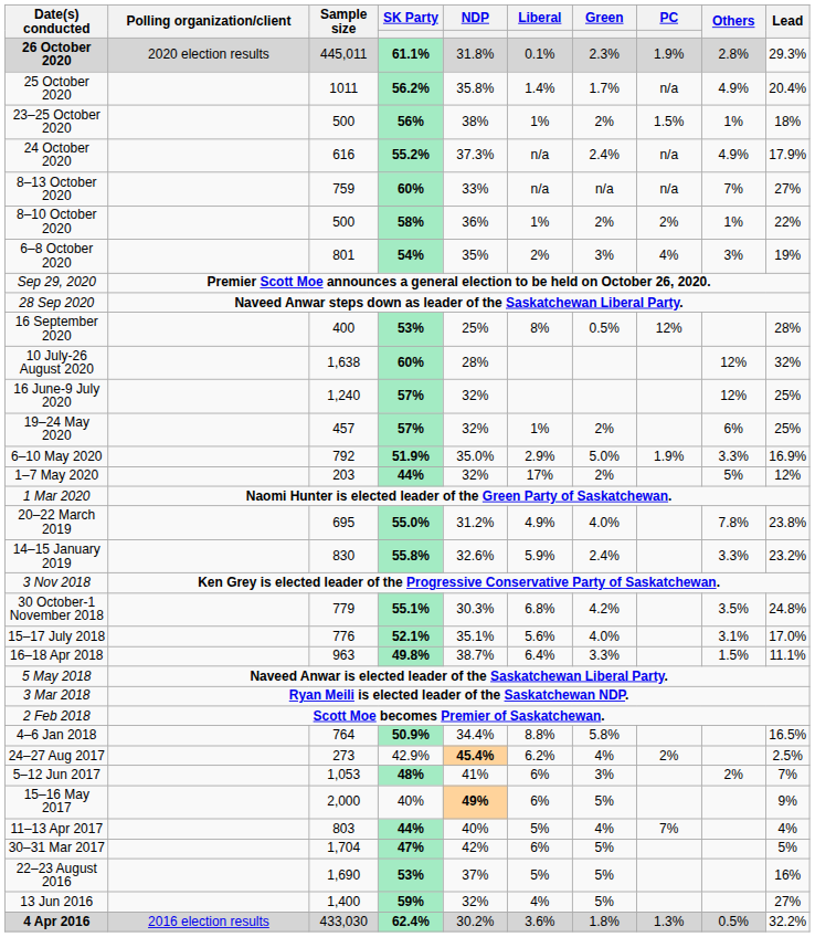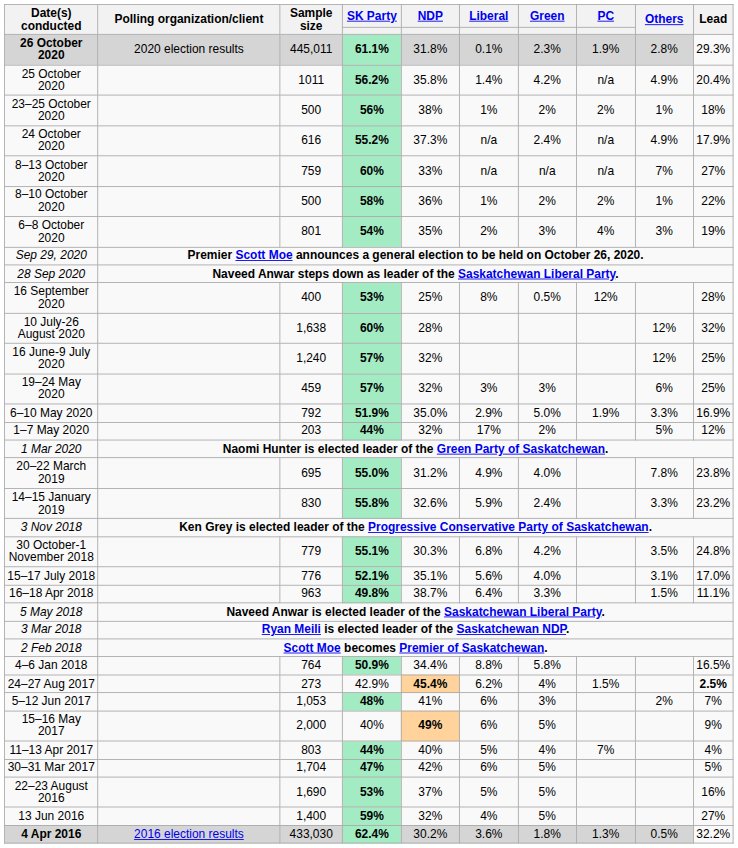 <table class="wikitable collapsible sortable mw-datatable" style="text-align:center;font-size:85%;line-height:14px">
 <tr>
 <th style="width:100px;" rowspan="2">Date(s)<br>conducted</th>
 <th style="width:200px;" rowspan="2">Polling organization/client</th>
 <th style="width:65px;" rowspan="2">Sample size</th>
 <th style="width:60px;" class="unsortable"><a href='#'>SK Party</a></th>
 <th style="width:60px;" class="unsortable"><a href='#'>NDP</a></th>
 <th style="width:60px;" class="unsortable"><a href='#'>Liberal</a></th>
 <th style="width:60px;" class="unsortable"><a href='#'>Green</a></th>
 <th style="width:60px;" class="unsortable"><a href='#'>PC</a></th>
 <th class="unsortable" style="width:60px;" rowspan="2"><a href='#'>Others</a></th>
 <th class="unsortable" style="width:30px;" rowspan="2">Lead</th>
 </tr>
 <tr>
 <th class="unsortable" style="background:"></th>
 <th class="unsortable" style="background:"></th>
 <th class="unsortable" style="background:"></th>
 <th class="unsortable" style="background:"></th>
 <th class="unsortable" style="background:"></th>
 </tr>
 <tr>
 <td style="background:#D5D5D5"><strong>26 October 2020</strong></td>
 <td style="background:#D5D5D5">2020 election results</td>
 <td style="background:#D5D5D5">445,011</td>
 <td style="background:#a3ebc3"><strong>61.1%</strong></td>
 <td style="background:#D5D5D5">31.8%</td>
 <td style="background:#D5D5D5">0.1%</td>
 <td style="background:#D5D5D5">2.3%</td>
 <td style="background:#D5D5D5">1.9%</td>
 <td style="background:#D5D5D5">2.8%</td>
 <td style="background:">29.3%</td>
 </tr>
 <tr>
 <td>25 October 2020</td>
 <td></td>
 <td>1011</td>
 <td style="background:#a3ebc3"><strong>56.2%</strong></td>
 <td>35.8%</td>
 <td>1.4%</td>
-<td>1.7%</td>
+<td>4.2%</td>
 <td>n/a</td>
 <td>4.9%</td>
 <td style="background:">20.4%</td>
 </tr>
 <tr>
 <td>23–25 October 2020</td>
 <td></td>
 <td>500</td>
 <td style="background:#a3ebc3"><strong>56%</strong></td>
 <td>38%</td>
 <td>1%</td>
 <td>2%</td>
-<td>1.5%</td>
+<td>2%</td>
 <td>1%</td>
 <td style="background:">18%</td>
 </tr>
 <tr>
 <td>24 October 2020</td>
 <td></td>
 <td>616</td>
 <td style="background:#a3ebc3"><strong>55.2%</strong></td>
 <td>37.3%</td>
 <td>n/a</td>
 <td>2.4%</td>
 <td>n/a</td>
 <td>4.9%</td>
 <td style="background:">17.9%</td>
 </tr>
 <tr>
 <td>8–13 October 2020</td>
 <td></td>
 <td>759</td>
 <td style="background:#a3ebc3"><strong>60%</strong></td>
 <td>33%</td>
 <td>n/a</td>
 <td>n/a</td>
 <td>n/a</td>
 <td>7%</td>
 <td style="background:">27%</td>
 </tr>
 <tr>
 <td>8–10 October 2020</td>
 <td></td>
 <td>500</td>
 <td style="background:#a3ebc3"><strong>58%</strong></td>
 <td>36%</td>
 <td>1%</td>
 <td>2%</td>
 <td>2%</td>
 <td>1%</td>
 <td style="background:">22%</td>
 </tr>
 <tr>
 <td>6–8 October 2020</td>
 <td></td>
 <td>801</td>
 <td style="background:#a3ebc3"><strong>54%</strong></td>
 <td>35%</td>
 <td>2%</td>
 <td>3%</td>
 <td>4%</td>
 <td>3%</td>
 <td style="background:">19%</td>
 </tr>
 <tr>
 <td><em>Sep 29, 2020</em></td>
 <td colspan="10"><strong>Premier <a href='#'>Scott Moe</a> announces a general election to be held on October 26, 2020.</strong></td>
 </tr>
 <tr>
 <td><em>28 Sep 2020</em></td>
 <td colspan="9"><strong>Naveed Anwar steps down as leader of the <a href='#'>Saskatchewan Liberal Party</a>.</strong></td>
 </tr>
 <tr>
 <td>16 September 2020</td>
 <td></td>
 <td>400</td>
 <td style="background:#a3ebc3"><strong>53%</strong></td>
 <td>25%</td>
 <td>8%</td>
 <td>0.5%</td>
 <td>12%</td>
 <td></td>
 <td style="background:">28%</td>
 </tr>
 <tr>
 <td>10 July-26 August 2020</td>
 <td></td>
 <td>1,638</td>
 <td style="background:#a3ebc3"><strong>60%</strong></td>
 <td>28%</td>
 <td></td>
 <td></td>
 <td></td>
 <td>12%</td>
 <td style="background:">32%</td>
 </tr>
 <tr>
 <td>16 June-9 July 2020</td>
 <td></td>
 <td>1,240</td>
 <td style="background:#a3ebc3"><strong>57%</strong></td>
 <td>32%</td>
 <td></td>
 <td></td>
 <td></td>
 <td>12%</td>
 <td style="background:">25%</td>
 </tr>
 <tr>
 <td>19–24 May 2020</td>
 <td></td>
-<td>457</td>
+<td>459</td>
 <td style="background:#a3ebc3"><strong>57%</strong></td>
 <td>32%</td>
-<td>1%</td>
-<td>2%</td>
+<td>3%</td>
+<td>3%</td>
 <td></td>
 <td>6%</td>
 <td style="background:">25%</td>
 </tr>
 <tr>
 <td>6–10 May 2020</td>
 <td></td>
 <td>792</td>
 <td style="background:#a3ebc3"><strong>51.9%</strong></td>
 <td>35.0%</td>
 <td>2.9%</td>
 <td>5.0%</td>
 <td>1.9%</td>
 <td>3.3%</td>
 <td style="background:">16.9%</td>
 </tr>
 <tr>
 <td>1–7 May 2020</td>
 <td></td>
 <td>203</td>
 <td style="background:#a3ebc3"><strong>44%</strong></td>
 <td>32%</td>
 <td>17%</td>
 <td>2%</td>
 <td></td>
 <td>5%</td>
 <td style="background:">12%</td>
 </tr>
 <tr>
 <td><em>1 Mar 2020</em></td>
 <td colspan="9"><strong>Naomi Hunter is elected leader of the <a href='#'>Green Party of Saskatchewan</a>.</strong></td>
 </tr>
 <tr>
 <td>20–22 March 2019</td>
 <td></td>
 <td>695</td>
 <td style="background:#a3ebc3"><strong>55.0%</strong></td>
 <td>31.2%</td>
 <td>4.9%</td>
 <td>4.0%</td>
 <td></td>
 <td>7.8%</td>
 <td style="background:">23.8%</td>
 </tr>
 <tr>
 <td>14–15 January 2019</td>
 <td></td>
 <td>830</td>
 <td style="background:#a3ebc3"><strong>55.8%</strong></td>
 <td>32.6%</td>
 <td>5.9%</td>
 <td>2.4%</td>
 <td></td>
 <td>3.3%</td>
 <td style="background:">23.2%</td>
 </tr>
 <tr>
 <td><em>3 Nov 2018</em></td>
 <td colspan="9"><strong>Ken Grey is elected leader of the <a href='#'>Progressive Conservative Party of Saskatchewan</a>.</strong></td>
 </tr>
 <tr>
 <td>30 October-1 November 2018</td>
 <td></td>
 <td>779</td>
 <td style="background:#a3ebc3"><strong>55.1%</strong></td>
 <td>30.3%</td>
 <td>6.8%</td>
 <td>4.2%</td>
 <td></td>
 <td>3.5%</td>
 <td style="background:">24.8%</td>
 </tr>
 <tr>
 <td>15–17 July 2018</td>
 <td></td>
 <td>776</td>
 <td style="background:#a3ebc3"><strong>52.1%</strong></td>
 <td>35.1%</td>
 <td>5.6%</td>
 <td>4.0%</td>
 <td></td>
 <td>3.1%</td>
 <td style="background:">17.0%</td>
 </tr>
 <tr>
 <td>16–18 Apr 2018</td>
 <td></td>
 <td>963</td>
 <td style="background:#a3ebc3"><strong>49.8%</strong></td>
 <td>38.7%</td>
 <td>6.4%</td>
 <td>3.3%</td>
 <td></td>
 <td>1.5%</td>
 <td style="background:">11.1%</td>
 </tr>
 <tr>
 <td><em>5 May 2018</em></td>
 <td colspan="9"><strong>Naveed Anwar is elected leader of the <a href='#'>Saskatchewan Liberal Party</a>.</strong></td>
 </tr>
 <tr>
 <td><em>3 Mar 2018</em></td>
 <td colspan="9"><strong><a href='#'>Ryan Meili</a> is elected leader of the <a href='#'>Saskatchewan NDP</a>.</strong></td>
 </tr>
 <tr>
 <td><em>2 Feb 2018</em></td>
 <td colspan="9"><strong><a href='#'>Scott Moe</a> becomes <a href='#'>Premier of Saskatchewan</a>.</strong></td>
 </tr>
 <tr>
 <td>4–6 Jan 2018</td>
 <td></td>
 <td>764</td>
 <td style="background:#a3ebc3"><strong>50.9%</strong></td>
 <td>34.4%</td>
 <td>8.8%</td>
 <td>5.8%</td>
 <td></td>
 <td></td>
 <td style="background:">16.5%</td>
 </tr>
 <tr>
 <td>24–27 Aug 2017</td>
 <td></td>
 <td>273</td>
 <td>42.9%</td>
 <td style="background:#FFD39B"><strong>45.4%</strong></td>
 <td>6.2%</td>
 <td>4%</td>
-<td>2%</td>
+<td>1.5%</td>
 <td></td>
-<td style="background:">2.5%</td>
+<td style="background:"><strong>2.5%</strong></td>
 </tr>
 <tr>
 <td>5–12 Jun 2017</td>
 <td></td>
 <td>1,053</td>
 <td style="background:#a3ebc3"><strong>48%</strong></td>
 <td>41%</td>
 <td>6%</td>
 <td>3%</td>
 <td></td>
 <td>2%</td>
 <td style="background:">7%</td>
 </tr>
 <tr>
 <td>15–16 May 2017</td>
 <td></td>
 <td>2,000</td>
 <td>40%</td>
 <td style="background:#FFD39B"><strong>49%</strong></td>
 <td>6%</td>
 <td>5%</td>
 <td></td>
 <td></td>
 <td style="background:">9%</td>
 </tr>
 <tr>
 <td>11–13 Apr 2017</td>
 <td></td>
 <td>803</td>
 <td style="background:#a3ebc3"><strong>44%</strong></td>
 <td>40%</td>
 <td>5%</td>
 <td>4%</td>
 <td>7%</td>
 <td></td>
 <td style="background:">4%</td>
 </tr>
 <tr>
 <td>30–31 Mar 2017</td>
 <td></td>
 <td>1,704</td>
 <td style="background:#a3ebc3"><strong>47%</strong></td>
 <td>42%</td>
 <td>6%</td>
 <td>5%</td>
 <td></td>
 <td></td>
 <td style="background:">5%</td>
 </tr>
 <tr>
 <td>22–23 August 2016</td>
 <td></td>
 <td>1,690</td>
 <td style="background:#a3ebc3"><strong>53%</strong></td>
 <td>37%</td>
 <td>5%</td>
 <td>5%</td>
 <td></td>
 <td></td>
 <td style="background:">16%</td>
 </tr>
 <tr>
 <td>13 Jun 2016</td>
 <td></td>
 <td>1,400</td>
 <td style="background:#a3ebc3"><strong>59%</strong></td>
 <td>32%</td>
 <td>4%</td>
 <td>5%</td>
 <td></td>
 <td></td>
 <td style="background:">27%</td>
 </tr>
 <tr>
 <td style="background:#D5D5D5"><strong>4 Apr 2016</strong></td>
 <td style="background:#D5D5D5"><a href='#'>2016 election results</a></td>
 <td style="background:#D5D5D5">433,030</td>
 <td style="background:#a3ebc3"><strong>62.4%</strong></td>
 <td style="background:#D5D5D5">30.2%</td>
 <td style="background:#D5D5D5">3.6%</td>
 <td style="background:#D5D5D5">1.8%</td>
 <td style="background:#D5D5D5">1.3%</td>
 <td style="background:#D5D5D5">0.5%</td>
 <td style="background:">32.2%</td>
 </tr>
 </table>
